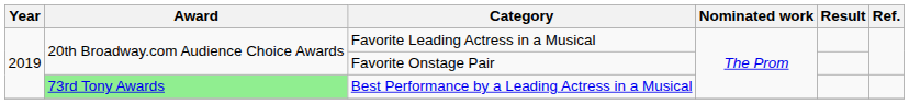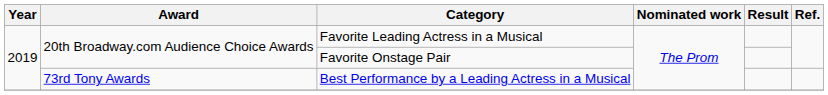 <table class="wikitable sortable">
 <tr>
 <th>Year</th>
 <th>Award</th>
 <th>Category</th>
 <th>Nominated work</th>
 <th>Result</th>
 <th>Ref.</th>
 </tr>
 <tr>
 <td rowspan="3">2019</td>
 <td rowspan="2">20th Broadway.com Audience Choice Awards</td>
 <td>Favorite Leading Actress in a Musical</td>
 <td rowspan="3" style="text-align:center;"><em><a href='#'>The Prom</a></em></td>
 <td></td>
 <td rowspan="2" style="text-align:center;"></td>
 </tr>
 <tr>
 <td>Favorite Onstage Pair </td>
 <td></td>
 </tr>
 <tr>
-<td style="background: lightgreen;"><a href='#'>73rd Tony Awards</a></td>
+<td><a href='#'>73rd Tony Awards</a></td>
 <td><a href='#'>Best Performance by a Leading Actress in a Musical</a></td>
 <td></td>
 <td style="text-align:center;"></td>
 </tr>
 <tr>
 </tr>
 </table>
